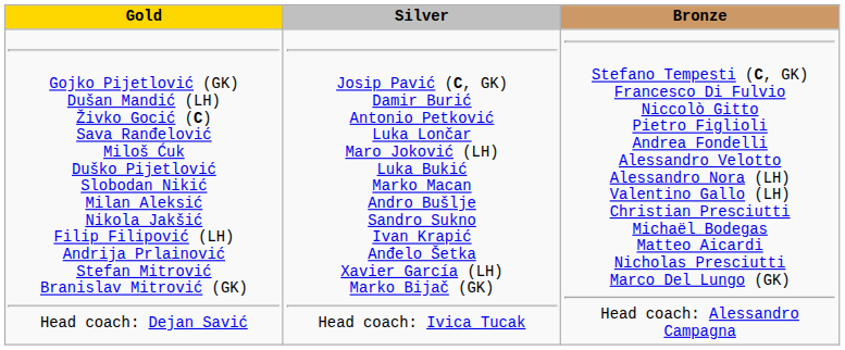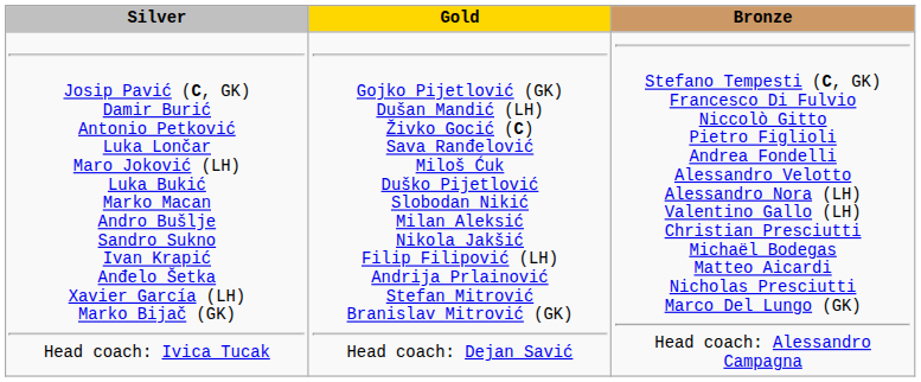 <table class="wikitable" style="text-align:center; font-size: 95%;">
 <tr>
+<th style="width: 18em;background: silver">Silver</th>
 <th style="width: 18em;background: gold">Gold</th>
-<th style="width: 18em;background: silver">Silver</th>
 <th style="width: 18em;background: #CC9966">Bronze</th>
 </tr>
 <tr>
+<td><hr><br><a href='#'>Josip Pavić</a> (<strong>C</strong>, GK)<br><a href='#'>Damir Burić</a><br><a href='#'>Antonio Petković</a><br><a href='#'>Luka Lončar</a><br><a href='#'>Maro Joković</a> (LH)<br><a href='#'>Luka Bukić</a><br><a href='#'>Marko Macan</a><br><a href='#'>Andro Bušlje</a><br><a href='#'>Sandro Sukno</a><br><a href='#'>Ivan Krapić</a><br><a href='#'>Anđelo Šetka</a><br><a href='#'>Xavier García</a> (LH)<br><a href='#'>Marko Bijač</a> (GK)<br><hr>Head coach: <a href='#'>Ivica Tucak</a></td>
 <td><hr><br><a href='#'>Gojko Pijetlović</a> (GK)<br><a href='#'>Dušan Mandić</a> (LH)<br><a href='#'>Živko Gocić</a> (<strong>C</strong>)<br><a href='#'>Sava Ranđelović</a><br><a href='#'>Miloš Ćuk</a><br><a href='#'>Duško Pijetlović</a><br><a href='#'>Slobodan Nikić</a><br><a href='#'>Milan Aleksić</a><br><a href='#'>Nikola Jakšić</a><br><a href='#'>Filip Filipović</a> (LH)<br><a href='#'>Andrija Prlainović</a><br><a href='#'>Stefan Mitrović</a><br><a href='#'>Branislav Mitrović</a> (GK)<br><hr>Head coach: <a href='#'>Dejan Savić</a></td>
-<td><hr><br><a href='#'>Josip Pavić</a> (<strong>C</strong>, GK)<br><a href='#'>Damir Burić</a><br><a href='#'>Antonio Petković</a><br><a href='#'>Luka Lončar</a><br><a href='#'>Maro Joković</a> (LH)<br><a href='#'>Luka Bukić</a><br><a href='#'>Marko Macan</a><br><a href='#'>Andro Bušlje</a><br><a href='#'>Sandro Sukno</a><br><a href='#'>Ivan Krapić</a><br><a href='#'>Anđelo Šetka</a><br><a href='#'>Xavier García</a> (LH)<br><a href='#'>Marko Bijač</a> (GK)<br><hr>Head coach: <a href='#'>Ivica Tucak</a></td>
 <td><hr><br><a href='#'>Stefano Tempesti</a> (<strong>C</strong>, GK)<br><a href='#'>Francesco Di Fulvio</a><br><a href='#'>Niccolò Gitto</a><br><a href='#'>Pietro Figlioli</a><br><a href='#'>Andrea Fondelli</a><br><a href='#'>Alessandro Velotto</a><br><a href='#'>Alessandro Nora</a> (LH)<br><a href='#'>Valentino Gallo</a> (LH)<br><a href='#'>Christian Presciutti</a><br><a href='#'>Michaël Bodegas</a><br><a href='#'>Matteo Aicardi</a><br><a href='#'>Nicholas Presciutti</a><br><a href='#'>Marco Del Lungo</a> (GK)<br><hr>Head coach: <a href='#'>Alessandro Campagna</a></td>
 </tr>
 </table>
